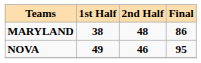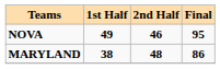 <table class="wikitable" align=right>
 <tr bgcolor=#ffdead align=center>
 <td colspan=1><strong>Teams</strong></td>
 <td colspan=1><strong>1st Half</strong></td>
 <td colspan=1><strong>2nd Half</strong></td>
 <td colspan=1><strong>Final</strong></td>
 </tr>
 <tr>
+<td><strong>NOVA</strong></td>
+<td align=center><strong>49</strong></td>
+<td align=center><strong>46</strong></td>
+<td align=center><strong>95</strong></td>
+</tr>
+<tr>
 <td><strong>MARYLAND</strong></td>
 <td align=center><strong>38</strong></td>
 <td align=center><strong>48</strong></td>
 <td align=center><strong>86</strong></td>
 </tr>
 <tr>
-<td><strong>NOVA</strong></td>
-<td align=center><strong>49</strong></td>
-<td align=center><strong>46</strong></td>
-<td align=center><strong>95</strong></td>
-</tr>
-<tr>
 </tr>
 </table>
